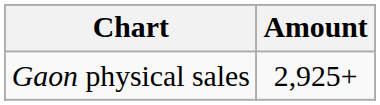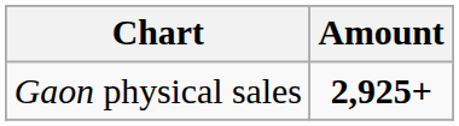 <table class="wikitable">
 <tr>
 <th>Chart</th>
 <th>Amount</th>
 </tr>
 <tr>
 <td><em>Gaon</em> physical sales</td>
-<td style="text-align:center;">2,925+</td>
+<td style="text-align:center;"><strong>2,925+</strong></td>
 </tr>
 </table>
